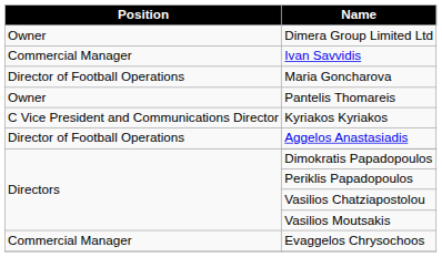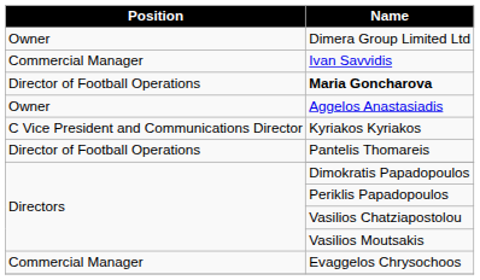 <table class="wikitable">
 <tr>
 <th style="color:#FFFFFF; background:black;">Position</th>
 <th style="color:#FFFFFF; background:black;">Name</th>
 </tr>
 <tr>
 <td>Owner</td>
 <td>Dimera Group Limited Ltd</td>
 </tr>
 <tr>
 <td>Commercial Manager</td>
 <td> <a href='#'>Ivan Savvidis</a></td>
 </tr>
 <tr>
 <td>Director of Football Operations</td>
-<td> Maria Goncharova</td>
+<td><strong> Maria Goncharova</strong></td>
 </tr>
 <tr>
 <td>Owner</td>
-<td> Pantelis Thomareis</td>
+<td> <a href='#'>Aggelos Anastasiadis</a></td>
 </tr>
 <tr>
 <td>C Vice President and Communications Director</td>
 <td> Kyriakos Kyriakos</td>
 </tr>
 <tr>
 <td>Director of Football Operations</td>
-<td> <a href='#'>Aggelos Anastasiadis</a></td>
+<td> Pantelis Thomareis</td>
 </tr>
 <tr>
 <td rowspan="5">Directors</td>
 </tr>
 <tr>
 <td> Dimokratis Papadopoulos</td>
 </tr>
 <tr>
 <td> Periklis Papadopoulos</td>
 </tr>
 <tr>
 <td> Vasilios Chatziapostolou</td>
 </tr>
 <tr>
 <td> Vasilios Moutsakis</td>
 </tr>
 <tr>
 <td>Commercial Manager</td>
 <td> Evaggelos Chrysochoos</td>
 </tr>
 <tr>
 </tr>
 </table>
